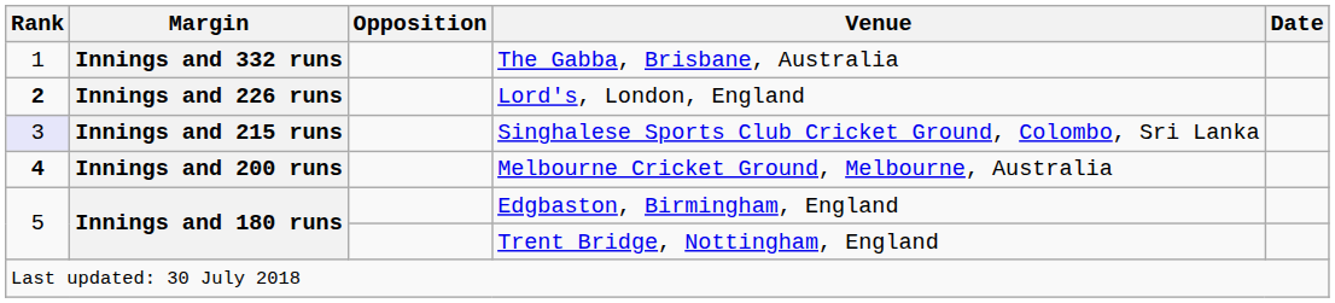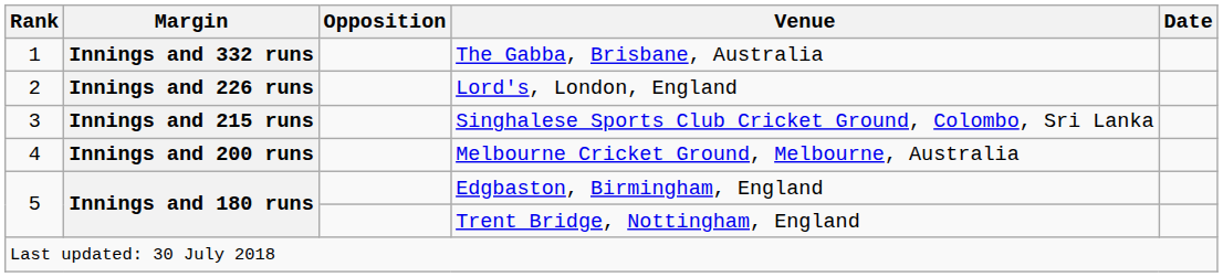 <table class="wikitable plainrowheaders sortable">
 <tr>
 <th scope=col>Rank</th>
 <th scope=col>Margin</th>
 <th scope=col>Opposition</th>
 <th scope=col>Venue</th>
 <th scope=col>Date</th>
 </tr>
 <tr>
 <td align=center>1</td>
 <th scope=row style=text-align:center;>Innings and 332 runs</th>
 <td></td>
 <td><a href='#'>The Gabba</a>, <a href='#'>Brisbane</a>, Australia</td>
 <td><a href='#'></a></td>
 </tr>
 <tr>
-<td align=center><strong>2</strong></td>
+<td align=center>2</td>
 <th scope=row style=text-align:center;>Innings and 226 runs</th>
 <td></td>
 <td><a href='#'>Lord's</a>, London, England</td>
 <td><a href='#'></a></td>
 </tr>
 <tr>
-<td align=center style="background: lavender;">3</td>
+<td align=center>3</td>
 <th scope=row style=text-align:center;>Innings and 215 runs</th>
 <td></td>
 <td><a href='#'>Singhalese Sports Club Cricket Ground</a>, <a href='#'>Colombo</a>, Sri Lanka</td>
 <td><a href='#'></a></td>
 </tr>
 <tr>
-<td align=center><strong>4</strong></td>
+<td align=center>4</td>
 <th scope=row style=text-align:center;>Innings and 200 runs</th>
 <td></td>
 <td><a href='#'>Melbourne Cricket Ground</a>, <a href='#'>Melbourne</a>, Australia</td>
 <td><a href='#'></a></td>
 </tr>
 <tr>
 <td align=center rowspan=2>5</td>
 <th scope=row style=text-align:center; rowspan=2>Innings and 180 runs</th>
 <td></td>
 <td><a href='#'>Edgbaston</a>, <a href='#'>Birmingham</a>, England</td>
 <td><a href='#'></a></td>
 </tr>
 <tr>
 <td></td>
 <td><a href='#'>Trent Bridge</a>, <a href='#'>Nottingham</a>, England</td>
 <td><a href='#'></a></td>
 </tr>
 <tr class=sortbottom>
 <td colspan=5><small>Last updated: 30 July 2018</small></td>
 </tr>
 </table>
